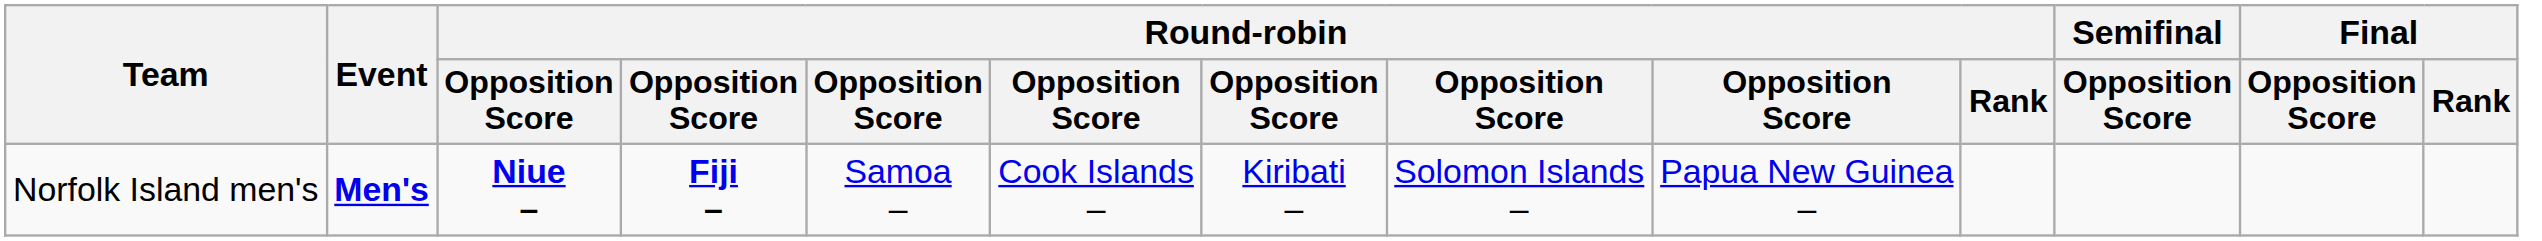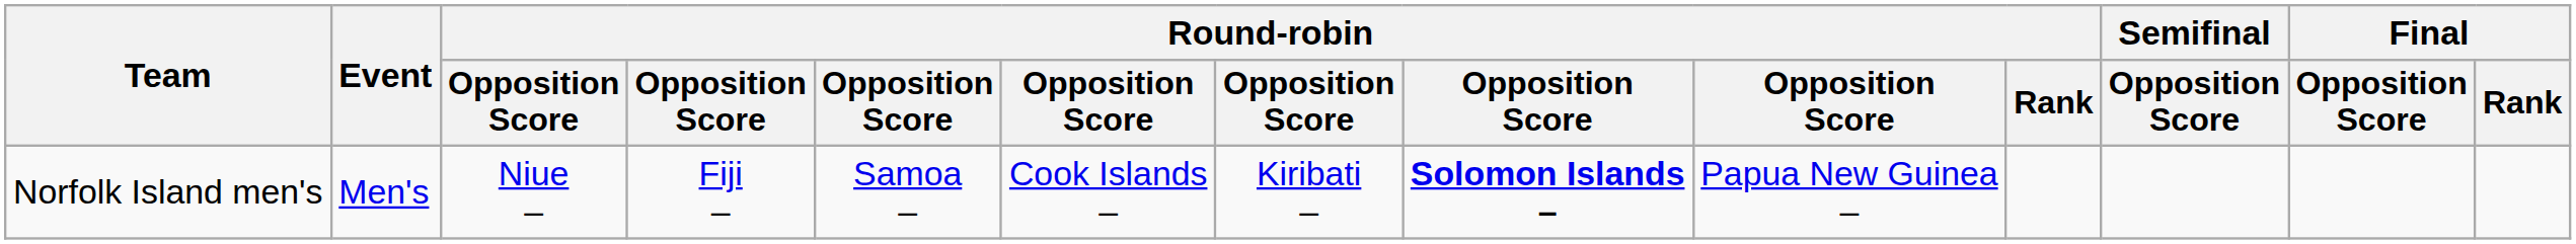 <table class=wikitable style=font-size:90%;text-align:center>
 <tr>
 <th rowspan=2>Team</th>
 <th rowspan=2>Event</th>
 <th colspan=8>Round-robin</th>
 <th>Semifinal</th>
 <th colspan=2>Final</th>
 </tr>
 <tr style=font-size:95%>
 <th>Opposition<br>Score</th>
 <th>Opposition<br>Score</th>
 <th>Opposition<br>Score</th>
 <th>Opposition<br>Score</th>
 <th>Opposition<br>Score</th>
 <th>Opposition<br>Score</th>
 <th>Opposition<br>Score</th>
 <th>Rank</th>
 <th>Opposition<br>Score</th>
 <th>Opposition<br>Score</th>
 <th>Rank</th>
 </tr>
 <tr>
 <td align=left>Norfolk Island men's</td>
-<td align=left><strong><a href='#'>Men's</a></strong></td>
-<td><strong> <a href='#'>Niue</a><br> –</strong></td>
-<td><strong> <a href='#'>Fiji</a><br> –</strong></td>
+<td align=left><a href='#'>Men's</a></td>
+<td> <a href='#'>Niue</a><br> –</td>
+<td> <a href='#'>Fiji</a><br> –</td>
 <td> <a href='#'>Samoa</a><br> –</td>
 <td> <a href='#'>Cook Islands</a><br> –</td>
 <td> <a href='#'>Kiribati</a><br> –</td>
-<td> <a href='#'>Solomon Islands</a><br> –</td>
+<td><strong> <a href='#'>Solomon Islands</a><br> –</strong></td>
 <td> <a href='#'>Papua New Guinea</a><br> –</td>
 <td></td>
 <td></td>
 <td></td>
 <td></td>
 </tr>
 </table>
